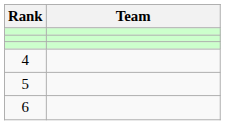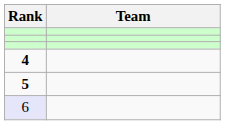 <table class=wikitable style="text-align:center;">
 <tr>
 <th>Rank</th>
 <th width=180>Team</th>
 </tr>
 <tr bgcolor=#CCFFCC>
 <td></td>
 <td align="left"></td>
 </tr>
 <tr bgcolor=#CCFFCC>
 <td></td>
 <td align="left"></td>
 </tr>
 <tr bgcolor=#CCFFCC>
 <td></td>
 <td align="left"></td>
 </tr>
 <tr>
-<td>4</td>
+<td><strong>4</strong></td>
 <td align="left"></td>
 </tr>
 <tr>
-<td>5</td>
+<td><strong>5</strong></td>
 <td align="left"></td>
 </tr>
 <tr>
-<td>6</td>
+<td style="background: lavender;">6</td>
 <td align="left"></td>
 </tr>
 </table>
